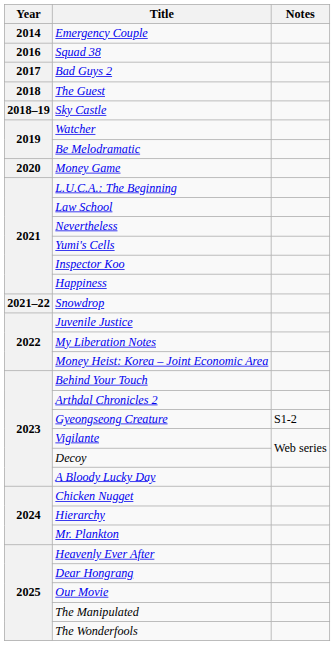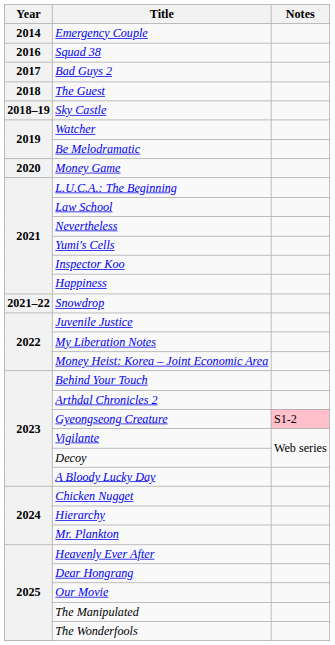 <table class="wikitable plainrowheaders sortable">
 <tr>
 <th scope="col">Year</th>
 <th scope="col">Title</th>
 <th scope="col">Notes</th>
 </tr>
 <tr>
 <th scope="row">2014</th>
 <td><em><a href='#'>Emergency Couple</a></em></td>
 <td></td>
 </tr>
 <tr>
 <th scope="row">2016</th>
 <td><em><a href='#'>Squad 38</a></em></td>
 <td></td>
 </tr>
 <tr>
 <th scope="row">2017</th>
 <td><em><a href='#'>Bad Guys 2</a></em></td>
 <td></td>
 </tr>
 <tr>
 <th scope="row">2018</th>
 <td><em><a href='#'>The Guest</a></em></td>
 <td></td>
 </tr>
 <tr>
 <th scope="row">2018–19</th>
 <td><em><a href='#'>Sky Castle</a></em></td>
 <td></td>
 </tr>
 <tr>
 <th scope="row" rowspan="2">2019</th>
 <td><em><a href='#'>Watcher</a></em></td>
 <td></td>
 </tr>
 <tr>
 <td><em><a href='#'>Be Melodramatic</a></em></td>
 <td></td>
 </tr>
 <tr>
 <th scope="row">2020</th>
 <td><em><a href='#'>Money Game</a></em></td>
 <td></td>
 </tr>
 <tr>
 <th scope="row" rowspan="6">2021</th>
 <td><em><a href='#'>L.U.C.A.: The Beginning</a></em></td>
 <td></td>
 </tr>
 <tr>
 <td><em><a href='#'>Law School</a></em></td>
 <td></td>
 </tr>
 <tr>
 <td><em><a href='#'>Nevertheless</a></em></td>
 <td></td>
 </tr>
 <tr>
 <td><em><a href='#'>Yumi's Cells</a></em></td>
 <td></td>
 </tr>
 <tr>
 <td><em><a href='#'>Inspector Koo</a></em></td>
 <td></td>
 </tr>
 <tr>
 <td><em><a href='#'>Happiness</a></em></td>
 <td></td>
 </tr>
 <tr>
 <th scope="row">2021–22</th>
 <td><em><a href='#'>Snowdrop</a></em></td>
 <td></td>
 </tr>
 <tr>
 <th scope="row" rowspan="3">2022</th>
 <td><em><a href='#'>Juvenile Justice</a></em></td>
 <td></td>
 </tr>
 <tr>
 <td><em><a href='#'>My Liberation Notes</a></em></td>
 <td></td>
 </tr>
 <tr>
 <td><em><a href='#'>Money Heist: Korea – Joint Economic Area</a></em></td>
 <td></td>
 </tr>
 <tr>
 <th scope="row" rowspan="6">2023</th>
 <td><em><a href='#'>Behind Your Touch</a></em></td>
 <td></td>
 </tr>
 <tr>
 <td><a href='#'><em>Arthdal Chronicles 2</em></a></td>
 <td></td>
 </tr>
 <tr>
 <td><em><a href='#'>Gyeongseong Creature</a></em></td>
-<td>S1-2</td>
+<td style="background: pink;">S1-2</td>
 </tr>
 <tr>
 <td><em><a href='#'>Vigilante</a></em></td>
 <td rowspan="2">Web series</td>
 </tr>
 <tr>
 <td><em>Decoy</em></td>
 </tr>
 <tr>
 <td><em><a href='#'>A Bloody Lucky Day</a></em></td>
 <td></td>
 </tr>
 <tr>
 <th scope="row" rowspan="3">2024</th>
 <td><em><a href='#'>Chicken Nugget</a></em></td>
 <td></td>
 </tr>
 <tr>
 <td><em><a href='#'>Hierarchy</a></em></td>
 <td></td>
 </tr>
 <tr>
 <td><em><a href='#'>Mr. Plankton</a></em></td>
 <td></td>
 </tr>
 <tr>
 <th scope="row" rowspan="5">2025</th>
 <td><em><a href='#'>Heavenly Ever After</a></em></td>
 <td></td>
 </tr>
 <tr>
 <td><em><a href='#'>Dear Hongrang</a></em></td>
 <td></td>
 </tr>
 <tr>
 <td><em><a href='#'>Our Movie</a></em></td>
 <td></td>
 </tr>
 <tr>
 <td><em>The Manipulated</em></td>
 <td></td>
 </tr>
 <tr>
 <td><em>The Wonderfools</em></td>
 <td></td>
 </tr>
 </table>
